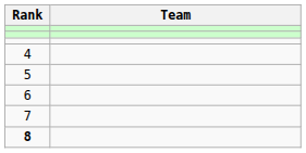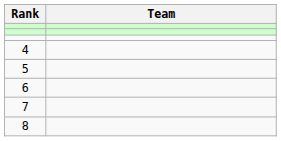 <table class="wikitable" style="text-align: center;">
 <tr>
 <th width=40>Rank</th>
 <th width=250>Team</th>
 </tr>
 <tr bgcolor=#ccffcc align=center>
 <td></td>
 <td style="text-align:left;"></td>
 </tr>
 <tr bgcolor=#ccffcc align=center>
 <td></td>
 <td style="text-align:left;"></td>
 </tr>
 <tr align=center>
 <td></td>
 <td style="text-align:left;"></td>
 </tr>
 <tr align=center>
 <td>4</td>
 <td style="text-align:left;"></td>
 </tr>
 <tr align=center>
 <td>5</td>
 <td style="text-align:left;"></td>
 </tr>
 <tr align=center>
 <td>6</td>
 <td style="text-align:left;"></td>
 </tr>
 <tr align=center>
 <td>7</td>
 <td style="text-align:left;"></td>
 </tr>
 <tr align=center>
-<td><strong>8</strong></td>
+<td>8</td>
 <td style="text-align:left;"></td>
 </tr>
 </table>
